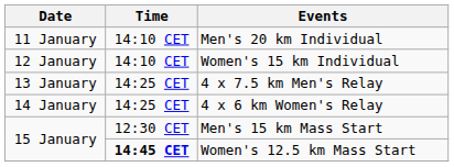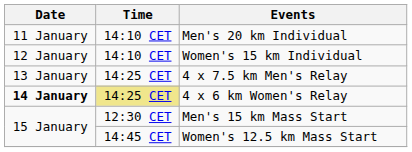 <table class="wikitable" style="text-align: center" width="420">
 <tr>
 <th>Date</th>
 <th>Time</th>
 <th>Events</th>
 </tr>
 <tr>
 <td>11 January</td>
 <td>14:10 <a href='#'>CET</a></td>
 <td style="text-align: left">Men's 20 km Individual</td>
 </tr>
 <tr>
 <td>12 January</td>
 <td>14:10 <a href='#'>CET</a></td>
 <td style="text-align: left">Women's 15 km Individual</td>
 </tr>
 <tr>
 <td>13 January</td>
 <td>14:25 <a href='#'>CET</a></td>
 <td style="text-align: left">4 x 7.5 km Men's Relay</td>
 </tr>
 <tr>
-<td>14 January</td>
-<td>14:25 <a href='#'>CET</a></td>
+<td><strong>14 January</strong></td>
+<td style="background: khaki;">14:25 <a href='#'>CET</a></td>
 <td style="text-align: left">4 x 6 km Women's Relay</td>
 </tr>
 <tr>
 <td rowspan=2>15 January</td>
 <td>12:30 <a href='#'>CET</a></td>
 <td style="text-align: left">Men's 15 km Mass Start</td>
 </tr>
 <tr>
-<td><strong>14:45 <a href='#'>CET</a></strong></td>
+<td>14:45 <a href='#'>CET</a></td>
 <td style="text-align: left">Women's 12.5 km Mass Start</td>
 </tr>
 <tr>
 </tr>
 </table>
